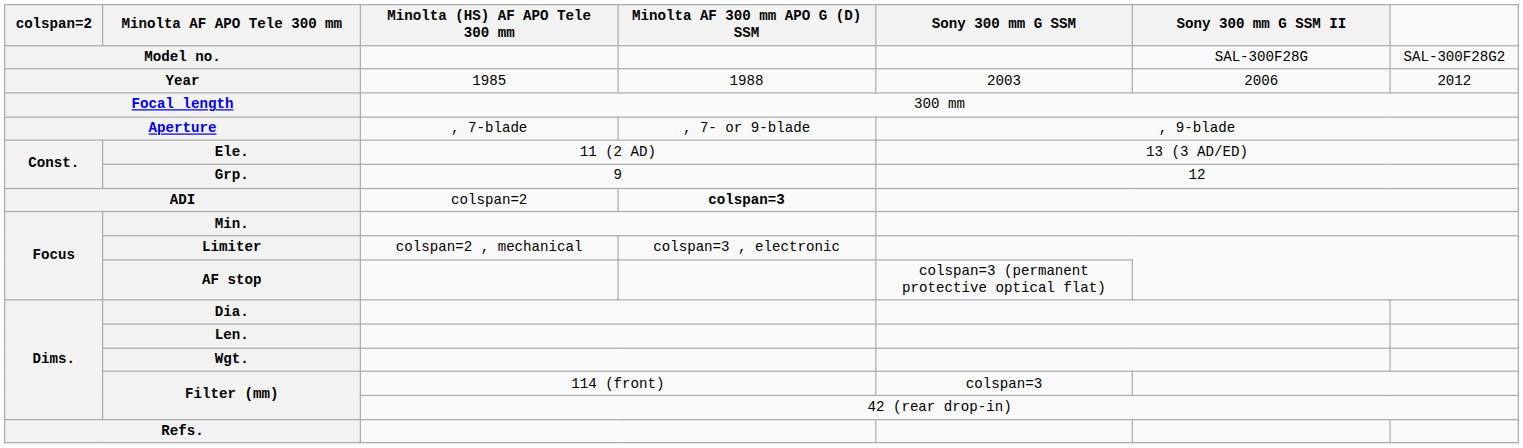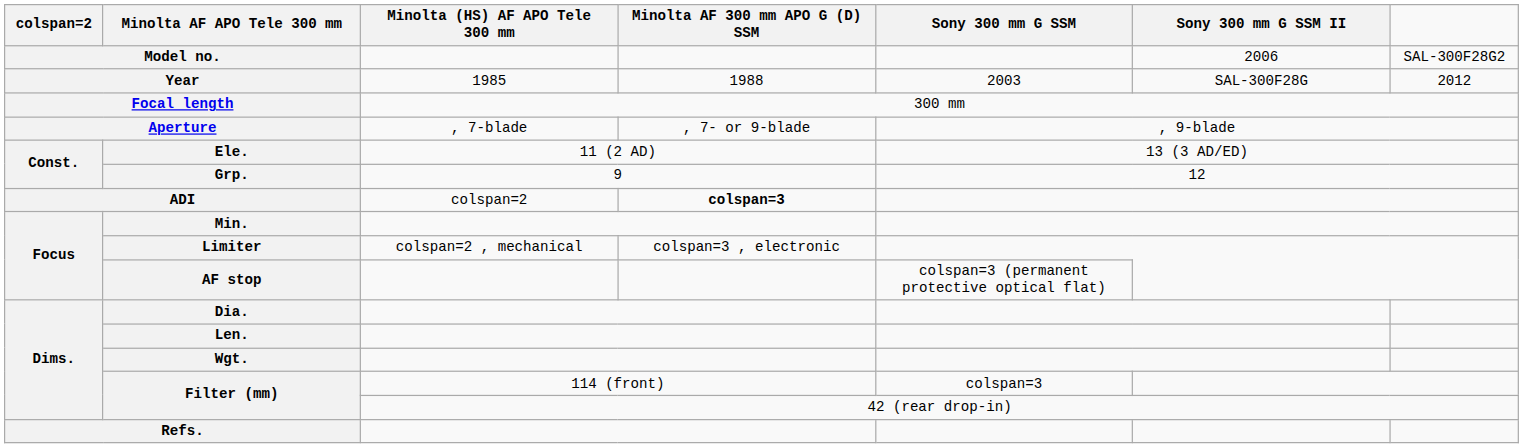 <table class="wikitable" style="font-size:90%;text-align:center;">
 <tr>
 <th>colspan=2 </th>
 <th style="width:17%;">Minolta AF APO Tele 300 mm </th>
 <th style="width:17%;">Minolta (HS) AF APO Tele 300 mm </th>
 <th style="width:17%;">Minolta AF 300 mm  APO G (D) SSM</th>
 <th style="width:17%;">Sony 300 mm G SSM</th>
 <th style="width:17%;">Sony 300 mm G SSM II</th>
 </tr>
 <tr>
 <th colspan=2>Model no.</th>
 <td></td>
 <td></td>
 <td></td>
-<td>SAL-300F28G</td>
+<td>2006</td>
 <td>SAL-300F28G2</td>
 </tr>
 <tr>
 <th colspan=2>Year</th>
 <td>1985</td>
 <td>1988</td>
 <td>2003</td>
-<td>2006</td>
+<td>SAL-300F28G</td>
 <td>2012</td>
 </tr>
 <tr>
 <th colspan=2><a href='#'>Focal length</a></th>
 <td colspan=5>300 mm</td>
 </tr>
 <tr>
 <th colspan=2><a href='#'>Aperture</a></th>
 <td>, 7-blade</td>
 <td>, 7- or 9-blade</td>
 <td colspan=3>, 9-blade</td>
 </tr>
 <tr>
 <th rowspan=2>Const.</th>
 <th>Ele.</th>
 <td colspan=2>11 (2 AD)</td>
 <td colspan=3>13 (3 AD/ED)</td>
 </tr>
 <tr>
 <th>Grp.</th>
 <td colspan=2>9</td>
 <td colspan=3>12</td>
 </tr>
 <tr>
 <th colspan=2>ADI</th>
 <td>colspan=2 </td>
 <td><strong>colspan=3 </strong></td>
 </tr>
 <tr>
 <th rowspan=3>Focus</th>
 <th>Min.</th>
 <td colspan=2></td>
 <td colspan=3></td>
 </tr>
 <tr>
 <th>Limiter</th>
 <td>colspan=2 , mechanical</td>
 <td>colspan=3 , electronic</td>
 </tr>
 <tr>
 <th>AF stop</th>
 <td></td>
 <td></td>
 <td>colspan=3  (permanent protective optical flat)</td>
 </tr>
 <tr>
 <th rowspan=5>Dims.</th>
 <th>Dia.</th>
 <td colspan=2></td>
 <td colspan=2></td>
 <td></td>
 </tr>
 <tr>
 <th>Len.</th>
 <td colspan=2></td>
 <td colspan=2></td>
 <td></td>
 </tr>
 <tr>
 <th>Wgt.</th>
 <td colspan=2></td>
 <td colspan=2></td>
 <td></td>
 </tr>
 <tr>
 <th rowspan=2>Filter (mm)</th>
 <td colspan=2>114 (front)</td>
 <td>colspan=3 </td>
 </tr>
 <tr>
 <td colspan=5>42 (rear drop-in)</td>
 </tr>
 <tr>
 <th colspan=2>Refs.</th>
 <td colspan=2></td>
 <td></td>
 <td></td>
 <td></td>
 </tr>
 </table>
